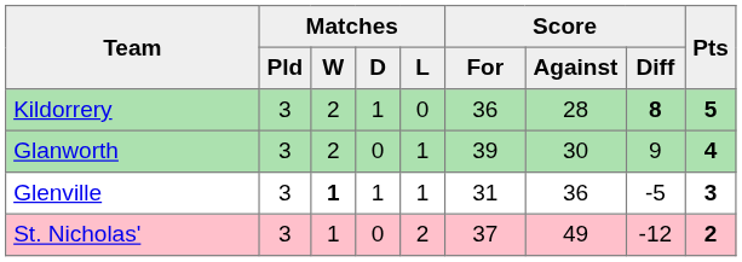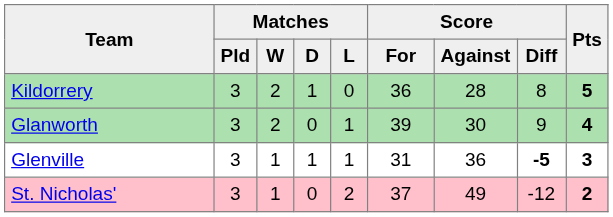 <table style=border-collapse:collapse border=1 cellspacing=0 cellpadding=5>
 <tr align=center bgcolor=#efefef>
 <th rowspan=2 width=165>Team</th>
 <th colspan=4>Matches</th>
 <th colspan=3>Score</th>
 <th rowspan=2width=20>Pts</th>
 </tr>
 <tr align=center bgcolor=#efefef>
 <th width=20>Pld</th>
 <th width=20>W</th>
 <th width=20>D</th>
 <th width=20>L</th>
 <th width=45>For</th>
 <th width=45>Against</th>
 <th width=30>Diff</th>
 </tr>
 <tr align=center style="background:#ACE1AF;">
 <td style="text-align:left;"><a href='#'>Kildorrery</a></td>
 <td>3</td>
 <td>2</td>
 <td>1</td>
 <td>0</td>
 <td>36</td>
 <td>28</td>
-<td><strong>8</strong></td>
+<td>8</td>
 <td><strong>5</strong></td>
 </tr>
 <tr align=center style="background:#ACE1AF;">
 <td style="text-align:left;"><a href='#'>Glanworth</a></td>
 <td>3</td>
 <td>2</td>
 <td>0</td>
 <td>1</td>
 <td>39</td>
 <td>30</td>
 <td>9</td>
 <td><strong>4</strong></td>
 </tr>
 <tr align=center>
 <td style="text-align:left;"><a href='#'>Glenville</a></td>
 <td>3</td>
-<td><strong>1</strong></td>
+<td>1</td>
 <td>1</td>
 <td>1</td>
 <td>31</td>
 <td>36</td>
-<td>-5</td>
+<td><strong>-5</strong></td>
 <td><strong>3</strong></td>
 </tr>
 <tr align=center style="background:#FFC0CB;">
 <td style="text-align:left;"><a href='#'>St. Nicholas'</a></td>
 <td>3</td>
 <td>1</td>
 <td>0</td>
 <td>2</td>
 <td>37</td>
 <td>49</td>
 <td>-12</td>
 <td><strong>2</strong></td>
 </tr>
 </table>
